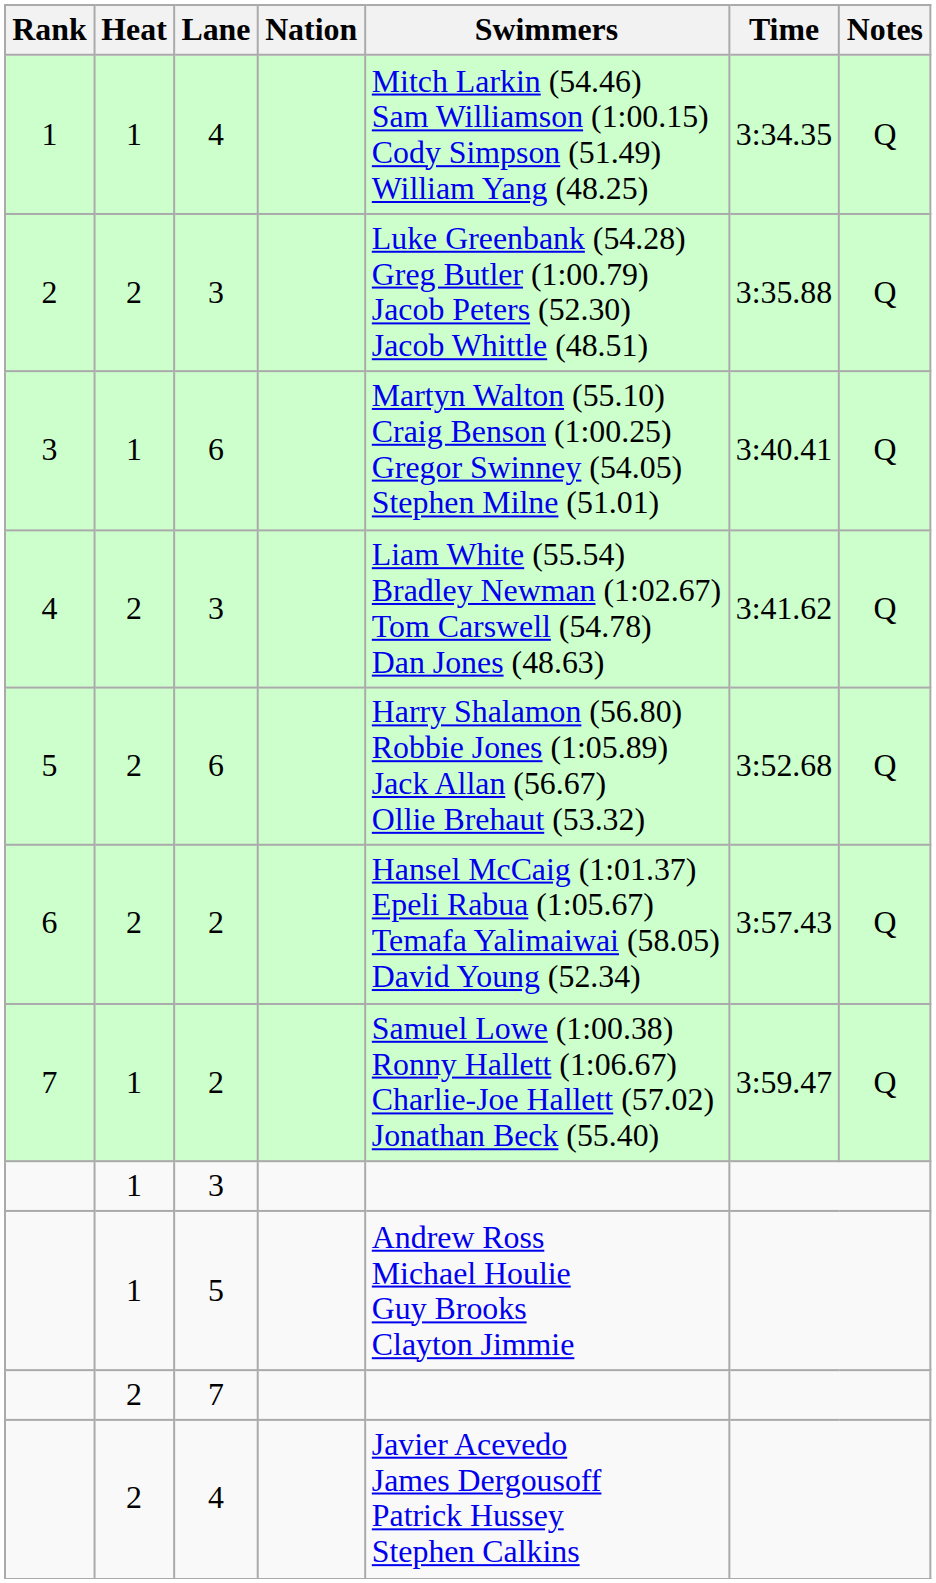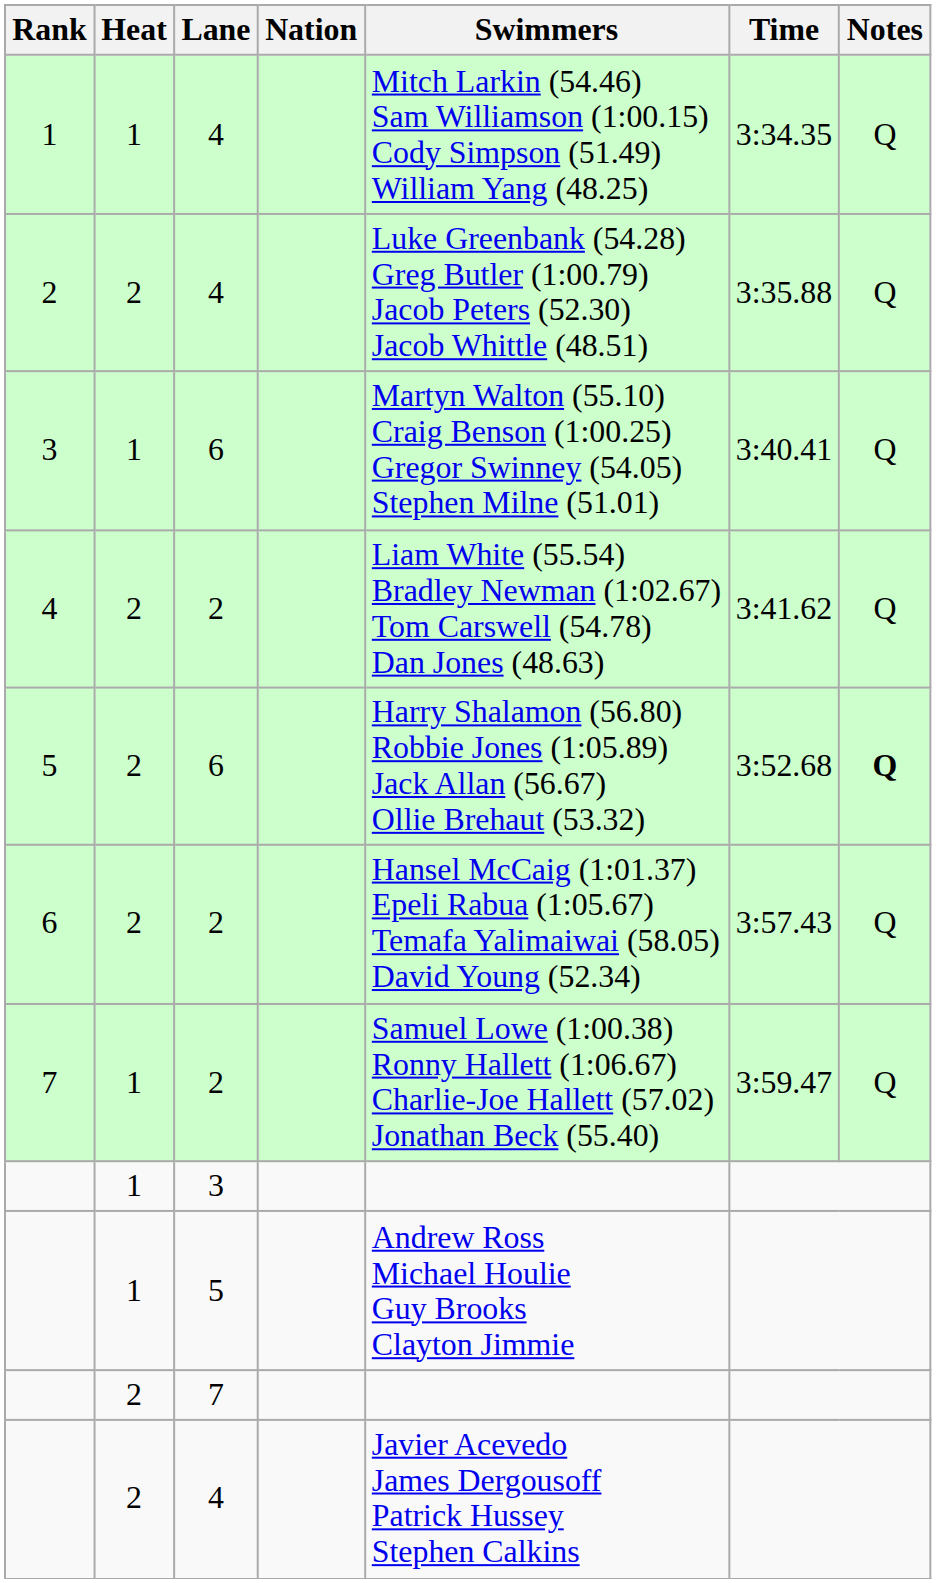 <table class="wikitable sortable" style="text-align:center">
 <tr>
 <th>Rank</th>
 <th>Heat</th>
 <th>Lane</th>
 <th>Nation</th>
 <th>Swimmers</th>
 <th>Time</th>
 <th>Notes</th>
 </tr>
 <tr bgcolor=ccffcc>
 <td>1</td>
 <td>1</td>
 <td>4</td>
 <td align=left></td>
 <td align="left"><a href='#'>Mitch Larkin</a> (54.46)<br><a href='#'>Sam Williamson</a> (1:00.15)<br><a href='#'>Cody Simpson</a> (51.49)<br><a href='#'>William Yang</a> (48.25)</td>
 <td>3:34.35</td>
 <td>Q</td>
 </tr>
 <tr bgcolor=ccffcc>
 <td>2</td>
 <td>2</td>
-<td>3</td>
+<td>4</td>
 <td align=left></td>
 <td align="left"><a href='#'>Luke Greenbank</a> (54.28)<br><a href='#'>Greg Butler</a> (1:00.79)<br><a href='#'>Jacob Peters</a> (52.30)<br><a href='#'>Jacob Whittle</a> (48.51)</td>
 <td>3:35.88</td>
 <td>Q</td>
 </tr>
 <tr bgcolor=ccffcc>
 <td>3</td>
 <td>1</td>
 <td>6</td>
 <td align=left></td>
 <td align="left"><a href='#'>Martyn Walton</a> (55.10)<br><a href='#'>Craig Benson</a> (1:00.25)<br><a href='#'>Gregor Swinney</a> (54.05)<br><a href='#'>Stephen Milne</a> (51.01)</td>
 <td>3:40.41</td>
 <td>Q</td>
 </tr>
 <tr bgcolor=ccffcc>
 <td>4</td>
 <td>2</td>
-<td>3</td>
+<td>2</td>
 <td align=left></td>
 <td align="left"><a href='#'>Liam White</a> (55.54)<br><a href='#'>Bradley Newman</a> (1:02.67)<br><a href='#'>Tom Carswell</a> (54.78)<br><a href='#'>Dan Jones</a> (48.63)</td>
 <td>3:41.62</td>
 <td>Q</td>
 </tr>
 <tr bgcolor=ccffcc>
 <td>5</td>
 <td>2</td>
 <td>6</td>
 <td align=left></td>
 <td align="left"><a href='#'>Harry Shalamon</a> (56.80)<br><a href='#'>Robbie Jones</a> (1:05.89)<br><a href='#'>Jack Allan</a> (56.67)<br><a href='#'>Ollie Brehaut</a> (53.32)</td>
 <td>3:52.68</td>
-<td>Q</td>
+<td><strong>Q</strong></td>
 </tr>
 <tr bgcolor=ccffcc>
 <td>6</td>
 <td>2</td>
 <td>2</td>
 <td align=left></td>
 <td align="left"><a href='#'>Hansel McCaig</a> (1:01.37)<br><a href='#'>Epeli Rabua</a> (1:05.67)<br><a href='#'>Temafa Yalimaiwai</a> (58.05)<br><a href='#'>David Young</a> (52.34)</td>
 <td>3:57.43</td>
 <td>Q</td>
 </tr>
 <tr bgcolor=ccffcc>
 <td>7</td>
 <td>1</td>
 <td>2</td>
 <td align=left></td>
 <td align="left"><a href='#'>Samuel Lowe</a> (1:00.38)<br><a href='#'>Ronny Hallett</a> (1:06.67)<br><a href='#'>Charlie-Joe Hallett</a> (57.02)<br><a href='#'>Jonathan Beck</a> (55.40)</td>
 <td>3:59.47</td>
 <td>Q</td>
 </tr>
 <tr>
 <td></td>
 <td>1</td>
 <td>3</td>
 <td align=left></td>
 <td align="left"></td>
 <td colspan=2></td>
 </tr>
 <tr>
 <td></td>
 <td>1</td>
 <td>5</td>
 <td align=left></td>
 <td align="left"><a href='#'>Andrew Ross</a> <br><a href='#'>Michael Houlie </a> <br><a href='#'>Guy Brooks</a><br><a href='#'>Clayton Jimmie</a></td>
 <td colspan=2></td>
 </tr>
 <tr>
 <td></td>
 <td>2</td>
 <td>7</td>
 <td align=left></td>
 <td align="left"></td>
 <td colspan=2></td>
 </tr>
 <tr>
 <td></td>
 <td>2</td>
 <td>4</td>
 <td align=left></td>
 <td align="left"><a href='#'>Javier Acevedo</a> <br><a href='#'>James Dergousoff</a> <br><a href='#'>Patrick Hussey</a><br><a href='#'>Stephen Calkins</a></td>
 <td colspan=2></td>
 </tr>
 <tr>
 </tr>
 </table>
